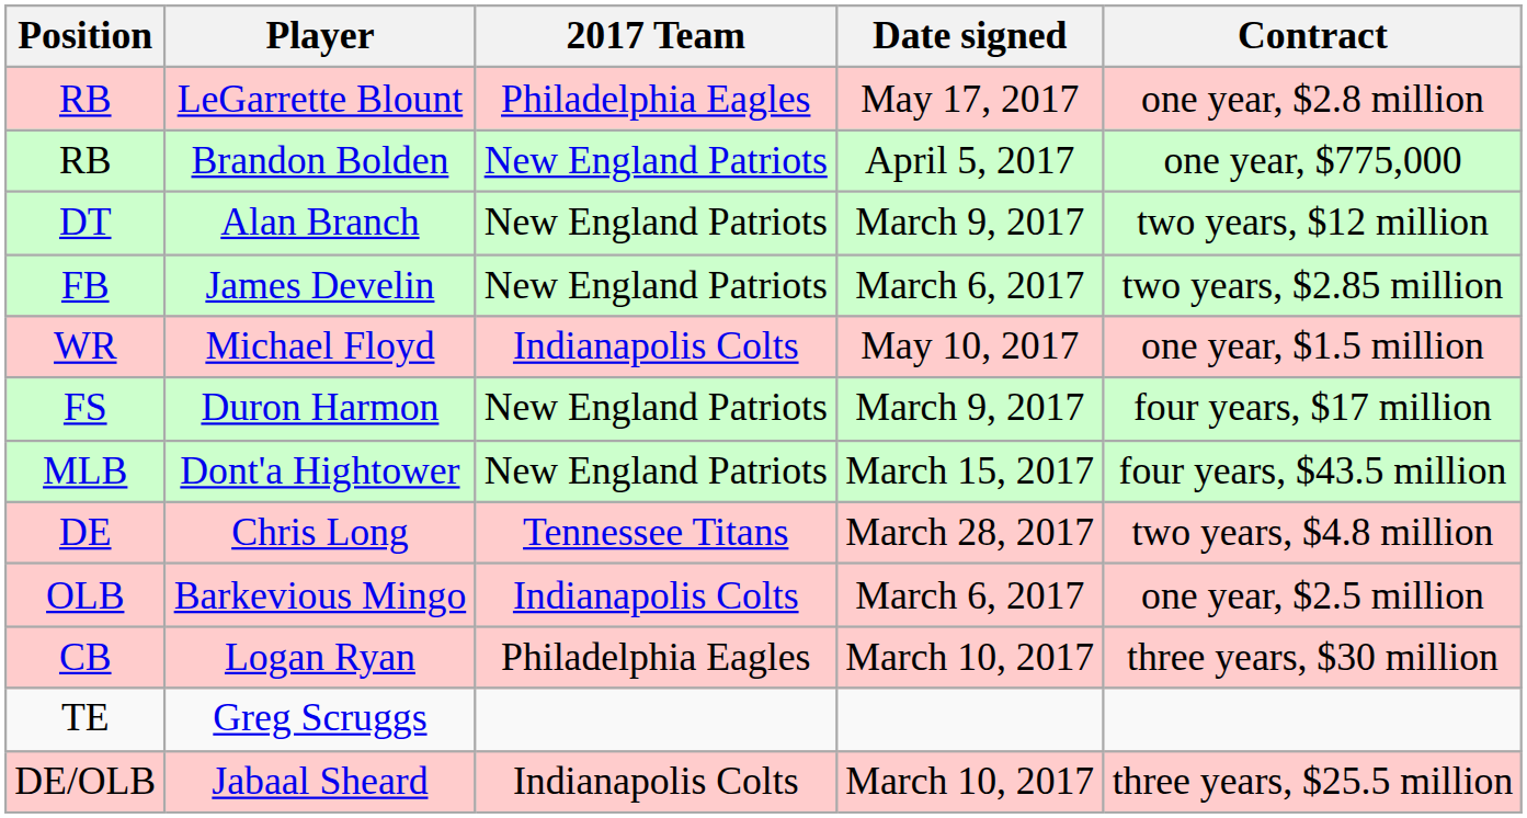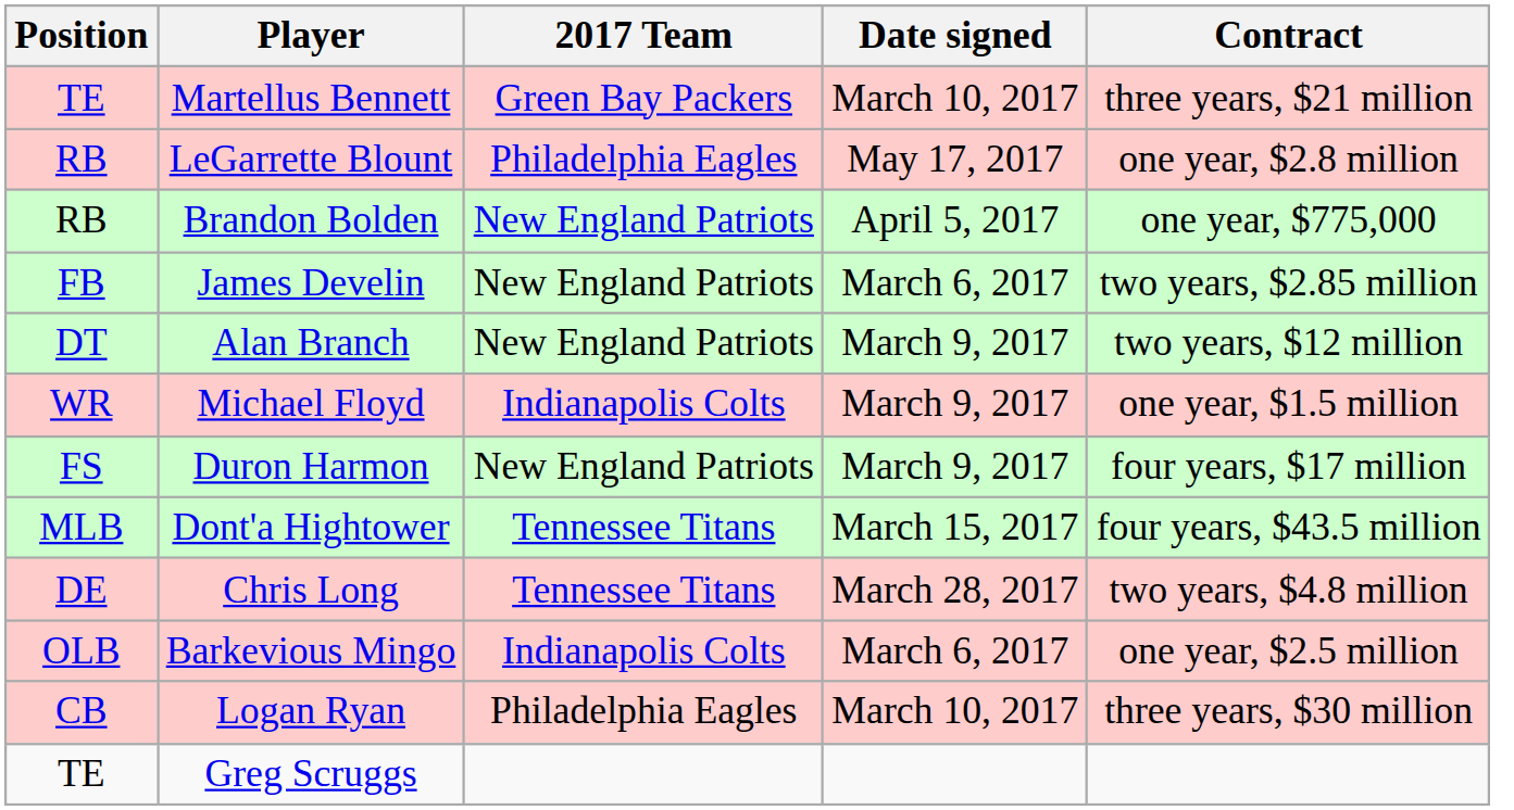 <table class="wikitable" style="text-align:center">
 <tr>
 <th>Position</th>
 <th>Player</th>
 <th>2017 Team</th>
 <th>Date signed</th>
 <th>Contract</th>
+</tr>
+<tr style="background:#fcc">
+<td><a href='#'>TE</a></td>
+<td><a href='#'>Martellus Bennett</a></td>
+<td><a href='#'>Green Bay Packers</a></td>
+<td>March 10, 2017</td>
+<td>three years, $21 million</td>
 </tr>
 <tr style="background:#fcc">
 <td><a href='#'>RB</a></td>
 <td><a href='#'>LeGarrette Blount</a></td>
 <td><a href='#'>Philadelphia Eagles</a></td>
 <td>May 17, 2017</td>
 <td>one year, $2.8 million</td>
 </tr>
 <tr style="background:#cfc">
 <td>RB</td>
 <td><a href='#'>Brandon Bolden</a></td>
 <td><a href='#'>New England Patriots</a></td>
 <td>April 5, 2017</td>
 <td>one year, $775,000</td>
 </tr>
 <tr style="background:#cfc">
+<td><a href='#'>FB</a></td>
+<td><a href='#'>James Develin</a></td>
+<td>New England Patriots</td>
+<td>March 6, 2017</td>
+<td>two years, $2.85 million</td>
+</tr>
+<tr style="background:#cfc">
 <td><a href='#'>DT</a></td>
 <td><a href='#'>Alan Branch</a></td>
 <td>New England Patriots</td>
 <td>March 9, 2017</td>
 <td>two years, $12 million</td>
 </tr>
-<tr style="background:#cfc">
-<td><a href='#'>FB</a></td>
-<td><a href='#'>James Develin</a></td>
-<td>New England Patriots</td>
-<td>March 6, 2017</td>
-<td>two years, $2.85 million</td>
-</tr>
 <tr style="background:#fcc">
 <td><a href='#'>WR</a></td>
 <td><a href='#'>Michael Floyd</a></td>
 <td><a href='#'>Indianapolis Colts</a></td>
-<td>May 10, 2017</td>
+<td>March 9, 2017</td>
 <td>one year, $1.5 million </td>
 </tr>
 <tr style="background:#cfc">
 <td><a href='#'>FS</a></td>
 <td><a href='#'>Duron Harmon</a></td>
 <td>New England Patriots</td>
 <td>March 9, 2017</td>
 <td>four years, $17 million</td>
 </tr>
 <tr style="background:#cfc">
 <td><a href='#'>MLB</a></td>
 <td><a href='#'>Dont'a Hightower</a></td>
-<td>New England Patriots</td>
+<td><a href='#'>Tennessee Titans</a></td>
 <td>March 15, 2017</td>
 <td>four years, $43.5 million</td>
 </tr>
 <tr style="background:#fcc">
 <td><a href='#'>DE</a></td>
 <td><a href='#'>Chris Long</a></td>
 <td><a href='#'>Tennessee Titans</a></td>
 <td>March 28, 2017</td>
 <td>two years, $4.8 million</td>
 </tr>
 <tr style="background:#fcc">
 <td><a href='#'>OLB</a></td>
 <td><a href='#'>Barkevious Mingo</a></td>
 <td><a href='#'>Indianapolis Colts</a></td>
 <td>March 6, 2017</td>
 <td>one year, $2.5 million</td>
 </tr>
 <tr style="background:#fcc">
 <td><a href='#'>CB</a></td>
 <td><a href='#'>Logan Ryan</a></td>
 <td>Philadelphia Eagles</td>
 <td>March 10, 2017</td>
 <td>three years, $30 million</td>
 </tr>
 <tr style="background:#">
 <td>TE</td>
 <td><a href='#'>Greg Scruggs</a></td>
 <td></td>
 <td></td>
 <td></td>
 </tr>
-<tr style="background:#fcc">
-<td>DE/OLB</td>
-<td><a href='#'>Jabaal Sheard</a></td>
-<td>Indianapolis Colts</td>
-<td>March 10, 2017</td>
-<td>three years, $25.5 million</td>
-</tr>
 </table>
